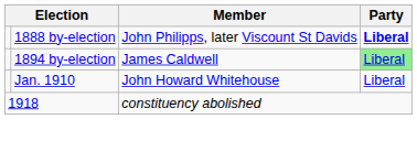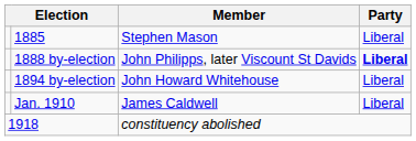 <table class="wikitable">
 <tr>
 <th colspan="2">Election</th>
 <th>Member</th>
 <th>Party</th>
+</tr>
+<tr>
+<td style="color:inherit;background-color: "></td>
+<td><a href='#'>1885</a></td>
+<td><a href='#'>Stephen Mason</a></td>
+<td><a href='#'>Liberal</a></td>
 </tr>
 <tr>
 <td style="color:inherit;background-color: "></td>
 <td><a href='#'>1888 by-election</a></td>
 <td><a href='#'>John Philipps</a>, later <a href='#'>Viscount St Davids</a></td>
 <td><strong><a href='#'>Liberal</a></strong></td>
 </tr>
 <tr>
 <td style="color:inherit;background-color: "></td>
 <td><a href='#'>1894 by-election</a></td>
-<td><a href='#'>James Caldwell</a></td>
-<td style="background: lightgreen;"><a href='#'>Liberal</a></td>
+<td><a href='#'>John Howard Whitehouse</a></td>
+<td><a href='#'>Liberal</a></td>
 </tr>
 <tr>
 <td style="color:inherit;background-color: "></td>
 <td><a href='#'>Jan. 1910</a></td>
-<td><a href='#'>John Howard Whitehouse</a></td>
+<td><a href='#'>James Caldwell</a></td>
 <td><a href='#'>Liberal</a></td>
 </tr>
 <tr>
 <td colspan="2"><a href='#'>1918</a></td>
 <td colspan="2"><em>constituency abolished</em></td>
 </tr>
 </table>
